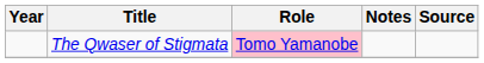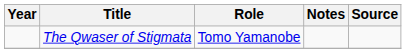 <table class="wikitable sortable plainrowheaders">
 <tr>
 <th>Year</th>
 <th>Title</th>
 <th>Role</th>
 <th class="unsortable">Notes</th>
 <th class="unsortable">Source</th>
 </tr>
 <tr>
 <td></td>
 <td><em><a href='#'>The Qwaser of Stigmata</a></em></td>
-<td style="background: pink;"><a href='#'>Tomo Yamanobe</a></td>
+<td><a href='#'>Tomo Yamanobe</a></td>
 <td></td>
 <td></td>
 </tr>
 <tr>
 </tr>
 </table>
